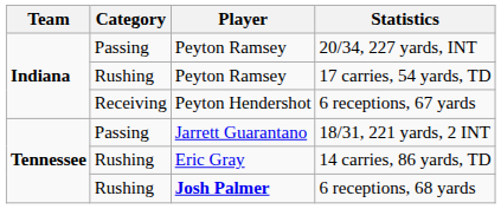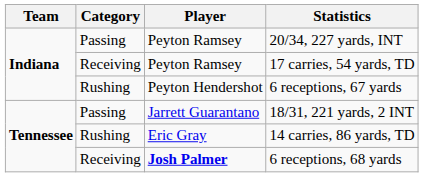 <table class="wikitable" style="float: right;">
 <tr>
 <th>Team</th>
 <th>Category</th>
 <th>Player</th>
 <th>Statistics</th>
 </tr>
 <tr>
 <td rowspan=3><strong>Indiana</strong></td>
 <td>Passing</td>
 <td>Peyton Ramsey</td>
 <td>20/34, 227 yards, INT</td>
 </tr>
 <tr>
-<td>Rushing</td>
+<td>Receiving</td>
 <td>Peyton Ramsey</td>
 <td>17 carries, 54 yards, TD</td>
 </tr>
 <tr>
-<td>Receiving</td>
+<td>Rushing</td>
 <td>Peyton Hendershot</td>
 <td>6 receptions, 67 yards</td>
 </tr>
 <tr>
 <td rowspan=3><strong>Tennessee</strong></td>
 <td>Passing</td>
 <td><a href='#'>Jarrett Guarantano</a></td>
 <td>18/31, 221 yards, 2 INT</td>
 </tr>
 <tr>
 <td>Rushing</td>
 <td><a href='#'>Eric Gray</a></td>
 <td>14 carries, 86 yards, TD</td>
 </tr>
 <tr>
-<td>Rushing</td>
+<td>Receiving</td>
 <td><strong><a href='#'>Josh Palmer</a></strong></td>
 <td>6 receptions, 68 yards</td>
 </tr>
 </table>
